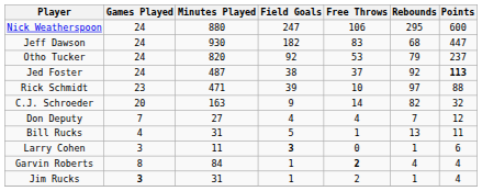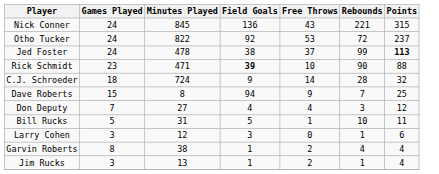 <table class="wikitable sortable">
 <tr>
 <th>Player</th>
 <th>Games Played</th>
 <th>Minutes Played</th>
 <th>Field Goals</th>
 <th>Free Throws</th>
 <th>Rebounds</th>
 <th>Points</th>
 </tr>
 <tr align="center" bgcolor="">
-<td><a href='#'>Nick Weatherspoon</a></td>
+<td>Nick Conner</td>
 <td>24</td>
-<td>880</td>
-<td>247</td>
-<td>106</td>
-<td>295</td>
-<td>600</td>
-</tr>
-<tr align="center" bgcolor="">
-<td>Jeff Dawson</td>
-<td>24</td>
-<td>930</td>
-<td>182</td>
-<td>83</td>
-<td>68</td>
-<td>447</td>
+<td>845</td>
+<td>136</td>
+<td>43</td>
+<td>221</td>
+<td>315</td>
 </tr>
 <tr align="center" bgcolor="">
 <td>Otho Tucker</td>
 <td>24</td>
-<td>820</td>
+<td>822</td>
 <td>92</td>
 <td>53</td>
-<td>79</td>
+<td>72</td>
 <td>237</td>
 </tr>
 <tr align="center" bgcolor="">
 <td>Jed Foster</td>
 <td>24</td>
-<td>487</td>
+<td>478</td>
 <td>38</td>
 <td>37</td>
-<td>92</td>
+<td>99</td>
 <td><strong>113</strong></td>
 </tr>
 <tr align="center" bgcolor="">
 <td>Rick Schmidt</td>
 <td>23</td>
 <td>471</td>
-<td>39</td>
+<td><strong>39</strong></td>
 <td>10</td>
-<td>97</td>
+<td>90</td>
 <td>88</td>
 </tr>
 <tr align="center" bgcolor="">
 <td>C.J. Schroeder</td>
-<td>20</td>
-<td>163</td>
+<td>18</td>
+<td>724</td>
 <td>9</td>
 <td>14</td>
-<td>82</td>
+<td>28</td>
 <td>32</td>
+</tr>
+<tr align="center" bgcolor="">
+<td>Dave Roberts</td>
+<td>15</td>
+<td>8</td>
+<td>94</td>
+<td>9</td>
+<td>7</td>
+<td>25</td>
 </tr>
 <tr align="center" bgcolor="">
 <td>Don Deputy</td>
 <td>7</td>
 <td>27</td>
 <td>4</td>
 <td>4</td>
-<td>7</td>
+<td>3</td>
 <td>12</td>
 </tr>
 <tr align="center" bgcolor="">
 <td>Bill Rucks</td>
-<td>4</td>
+<td>5</td>
 <td>31</td>
 <td>5</td>
 <td>1</td>
-<td>13</td>
+<td>10</td>
 <td>11</td>
 </tr>
 <tr align="center" bgcolor="">
 <td>Larry Cohen</td>
 <td>3</td>
-<td>11</td>
-<td><strong>3</strong></td>
+<td>12</td>
+<td>3</td>
 <td>0</td>
 <td>1</td>
 <td>6</td>
 </tr>
 <tr align="center" bgcolor="">
 <td>Garvin Roberts</td>
 <td>8</td>
-<td>84</td>
+<td>38</td>
 <td>1</td>
-<td><strong>2</strong></td>
+<td>2</td>
 <td>4</td>
 <td>4</td>
 </tr>
 <tr align="center" bgcolor="">
 <td>Jim Rucks</td>
-<td><strong>3</strong></td>
-<td>31</td>
+<td>3</td>
+<td>13</td>
 <td>1</td>
 <td>2</td>
 <td>1</td>
 <td>4</td>
 </tr>
 <tr align="center" bgcolor="">
 </tr>
 </table>
